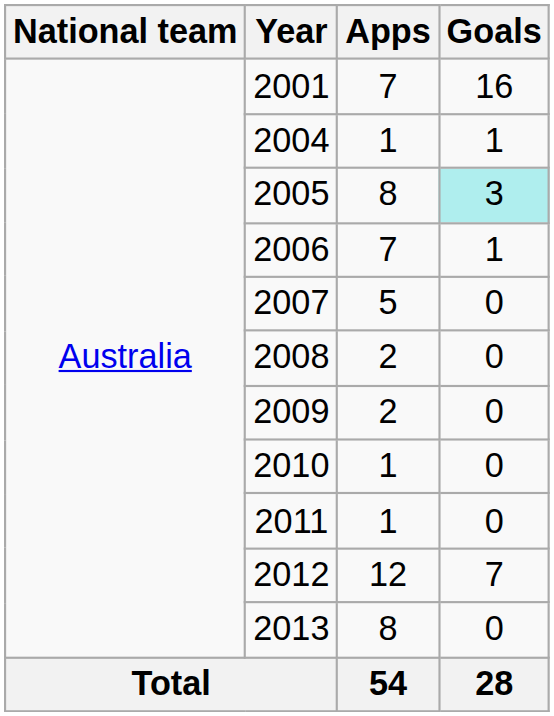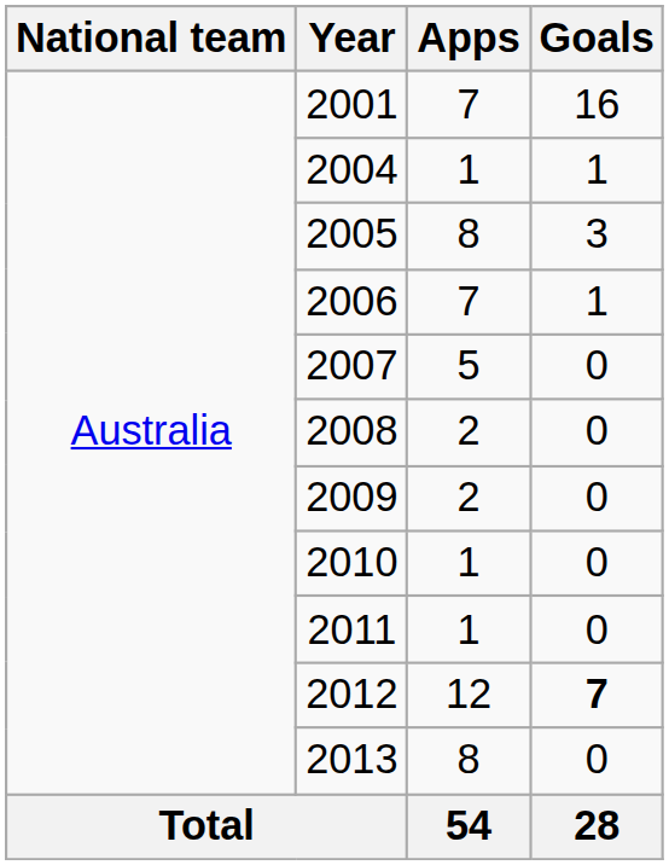 <table class="wikitable" style="text-align:center">
 <tr>
 <th>National team</th>
 <th>Year</th>
 <th>Apps</th>
 <th>Goals</th>
 </tr>
 <tr>
 <td rowspan="11"><a href='#'>Australia</a></td>
 <td>2001</td>
 <td>7</td>
 <td>16</td>
 </tr>
 <tr>
 <td>2004</td>
 <td>1</td>
 <td>1</td>
 </tr>
 <tr>
 <td>2005</td>
 <td>8</td>
-<td style="background: paleturquoise;">3</td>
+<td>3</td>
 </tr>
 <tr>
 <td>2006</td>
 <td>7</td>
 <td>1</td>
 </tr>
 <tr>
 <td>2007</td>
 <td>5</td>
 <td>0</td>
 </tr>
 <tr>
 <td>2008</td>
 <td>2</td>
 <td>0</td>
 </tr>
 <tr>
 <td>2009</td>
 <td>2</td>
 <td>0</td>
 </tr>
 <tr>
 <td>2010</td>
 <td>1</td>
 <td>0</td>
 </tr>
 <tr>
 <td>2011</td>
 <td>1</td>
 <td>0</td>
 </tr>
 <tr>
 <td>2012</td>
 <td>12</td>
-<td>7</td>
+<td><strong>7</strong></td>
 </tr>
 <tr>
 <td>2013</td>
 <td>8</td>
 <td>0</td>
 </tr>
 <tr>
 <th colspan="2">Total</th>
 <th>54</th>
 <th>28</th>
 </tr>
 </table>
